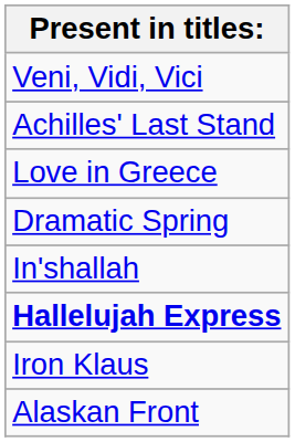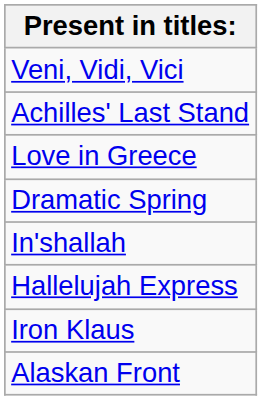 <table class="wikitable">
 <tr>
 <th>Present in titles:</th>
 </tr>
 <tr>
 <td><a href='#'>Veni, Vidi, Vici</a></td>
 </tr>
 <tr>
 <td><a href='#'>Achilles' Last Stand</a></td>
 </tr>
 <tr>
 <td><a href='#'>Love in Greece</a></td>
 </tr>
 <tr>
 <td><a href='#'>Dramatic Spring</a></td>
 </tr>
 <tr>
 <td><a href='#'>In'shallah</a></td>
 </tr>
 <tr>
-<td><strong><a href='#'>Hallelujah Express</a></strong></td>
+<td><a href='#'>Hallelujah Express</a></td>
 </tr>
 <tr>
 <td><a href='#'>Iron Klaus</a></td>
 </tr>
 <tr>
 <td><a href='#'>Alaskan Front</a></td>
 </tr>
 </table>
